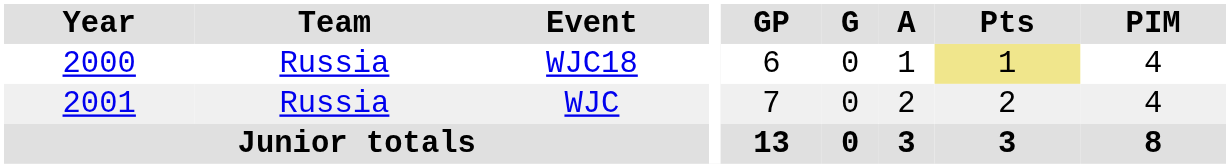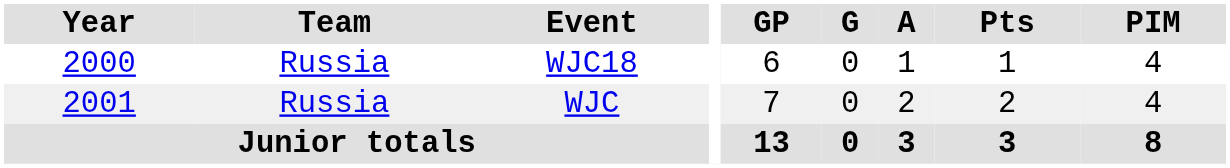 <table border="0" cellpadding="1" cellspacing="0" ID="Table3" style="text-align:center; width:40em">
 <tr ALIGN="center" bgcolor="#e0e0e0">
 <th>Year</th>
 <th>Team</th>
 <th>Event</th>
 <th rowspan="99" bgcolor="#ffffff"></th>
 <th>GP</th>
 <th>G</th>
 <th>A</th>
 <th>Pts</th>
 <th>PIM</th>
 </tr>
 <tr>
 <td><a href='#'>2000</a></td>
 <td><a href='#'>Russia</a></td>
 <td><a href='#'>WJC18</a></td>
 <td>6</td>
 <td>0</td>
 <td>1</td>
-<td style="background: khaki;">1</td>
+<td>1</td>
 <td>4</td>
 </tr>
 <tr bgcolor="#f0f0f0">
 <td><a href='#'>2001</a></td>
 <td><a href='#'>Russia</a></td>
 <td><a href='#'>WJC</a></td>
 <td>7</td>
 <td>0</td>
 <td>2</td>
 <td>2</td>
 <td>4</td>
 </tr>
 <tr bgcolor="#e0e0e0">
 <th colspan="3">Junior totals</th>
 <th>13</th>
 <th>0</th>
 <th>3</th>
 <th>3</th>
 <th>8</th>
 </tr>
 </table>
